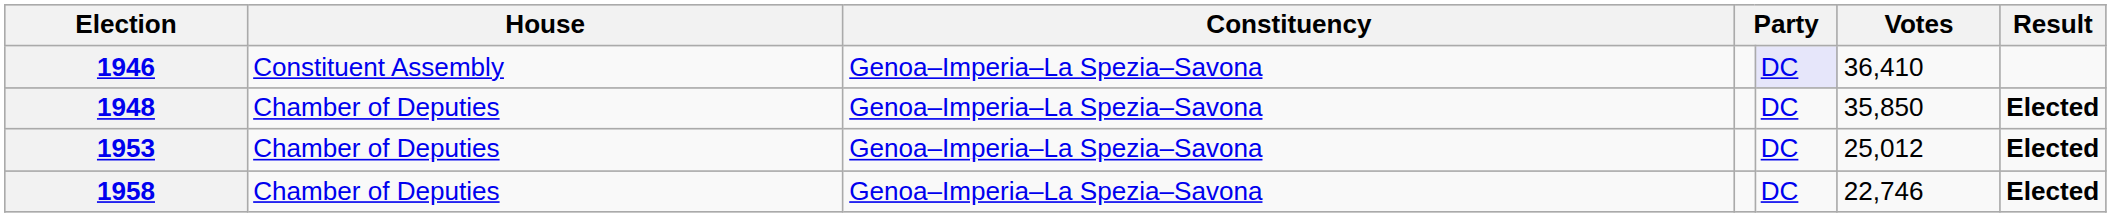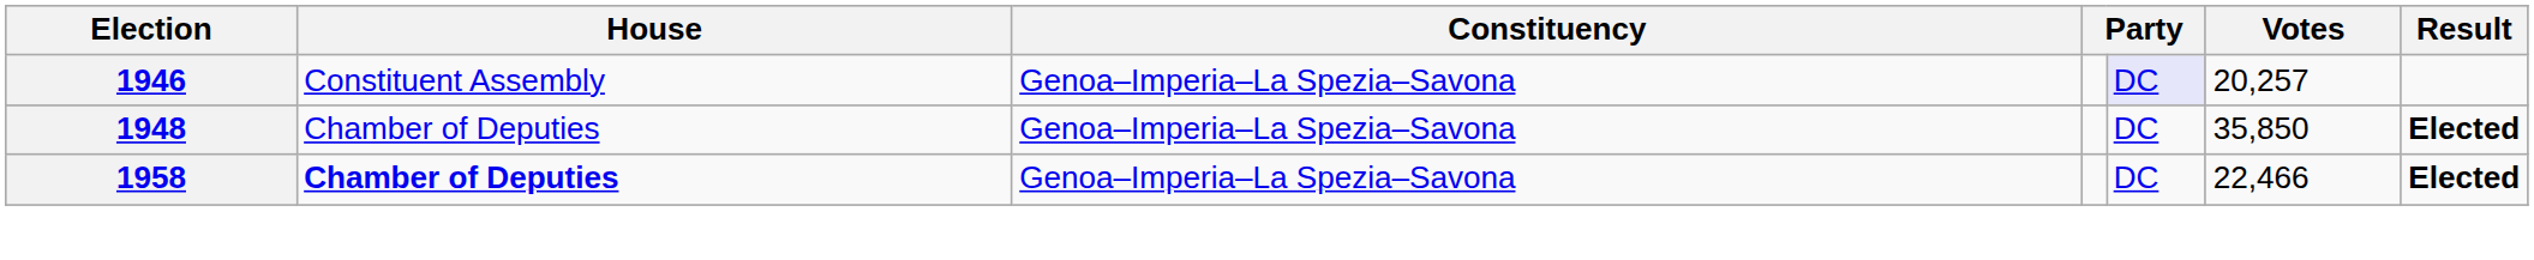 <table class=wikitable style="width:65%; border:1px #AAAAFF solid">
 <tr>
 <th width=12%>Election</th>
 <th width=30%>House</th>
 <th width=45%>Constituency</th>
 <th width=5% colspan="2">Party</th>
 <th width=12%>Votes</th>
 <th width=12%>Result</th>
 </tr>
 <tr>
 <th><a href='#'>1946</a></th>
 <td><a href='#'>Constituent Assembly</a></td>
 <td><a href='#'>Genoa–Imperia–La Spezia–Savona</a></td>
 <td></td>
 <td style="background: lavender;"><a href='#'>DC</a></td>
-<td>36,410</td>
+<td>20,257</td>
 <td></td>
 </tr>
 <tr>
 <th><a href='#'>1948</a></th>
 <td><a href='#'>Chamber of Deputies</a></td>
 <td><a href='#'>Genoa–Imperia–La Spezia–Savona</a></td>
 <td></td>
 <td><a href='#'>DC</a></td>
 <td>35,850</td>
 <td> <strong>Elected</strong></td>
 </tr>
 <tr>
-<th><a href='#'>1953</a></th>
-<td><a href='#'>Chamber of Deputies</a></td>
+<th><a href='#'>1958</a></th>
+<td><strong><a href='#'>Chamber of Deputies</a></strong></td>
 <td><a href='#'>Genoa–Imperia–La Spezia–Savona</a></td>
 <td></td>
 <td><a href='#'>DC</a></td>
-<td>25,012</td>
-<td> <strong>Elected</strong></td>
-</tr>
-<tr>
-<th><a href='#'>1958</a></th>
-<td><a href='#'>Chamber of Deputies</a></td>
-<td><a href='#'>Genoa–Imperia–La Spezia–Savona</a></td>
-<td></td>
-<td><a href='#'>DC</a></td>
-<td>22,746</td>
+<td>22,466</td>
 <td> <strong>Elected</strong></td>
 </tr>
 </table>
